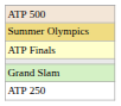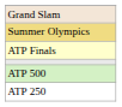 <table class="wikitable" style="font-size:85%; width:11%;">
 <tr>
 </tr>
 <tr style="background:#f3e6d7;">
-<td>ATP 500</td>
+<td>Grand Slam</td>
 </tr>
 <tr style="background:#f0dc82;">
 <td>Summer Olympics</td>
 </tr>
 <tr style="background:#ffffcc;">
 <td>ATP Finals</td>
 </tr>
 <tr style="background:#e9e9e9;">
 <td></td>
 </tr>
 <tr style="background:#d4f1c5;">
-<td>Grand Slam</td>
+<td>ATP 500</td>
 </tr>
 <tr style="background:#ffffff;">
 <td>ATP 250</td>
 </tr>
 </table>
